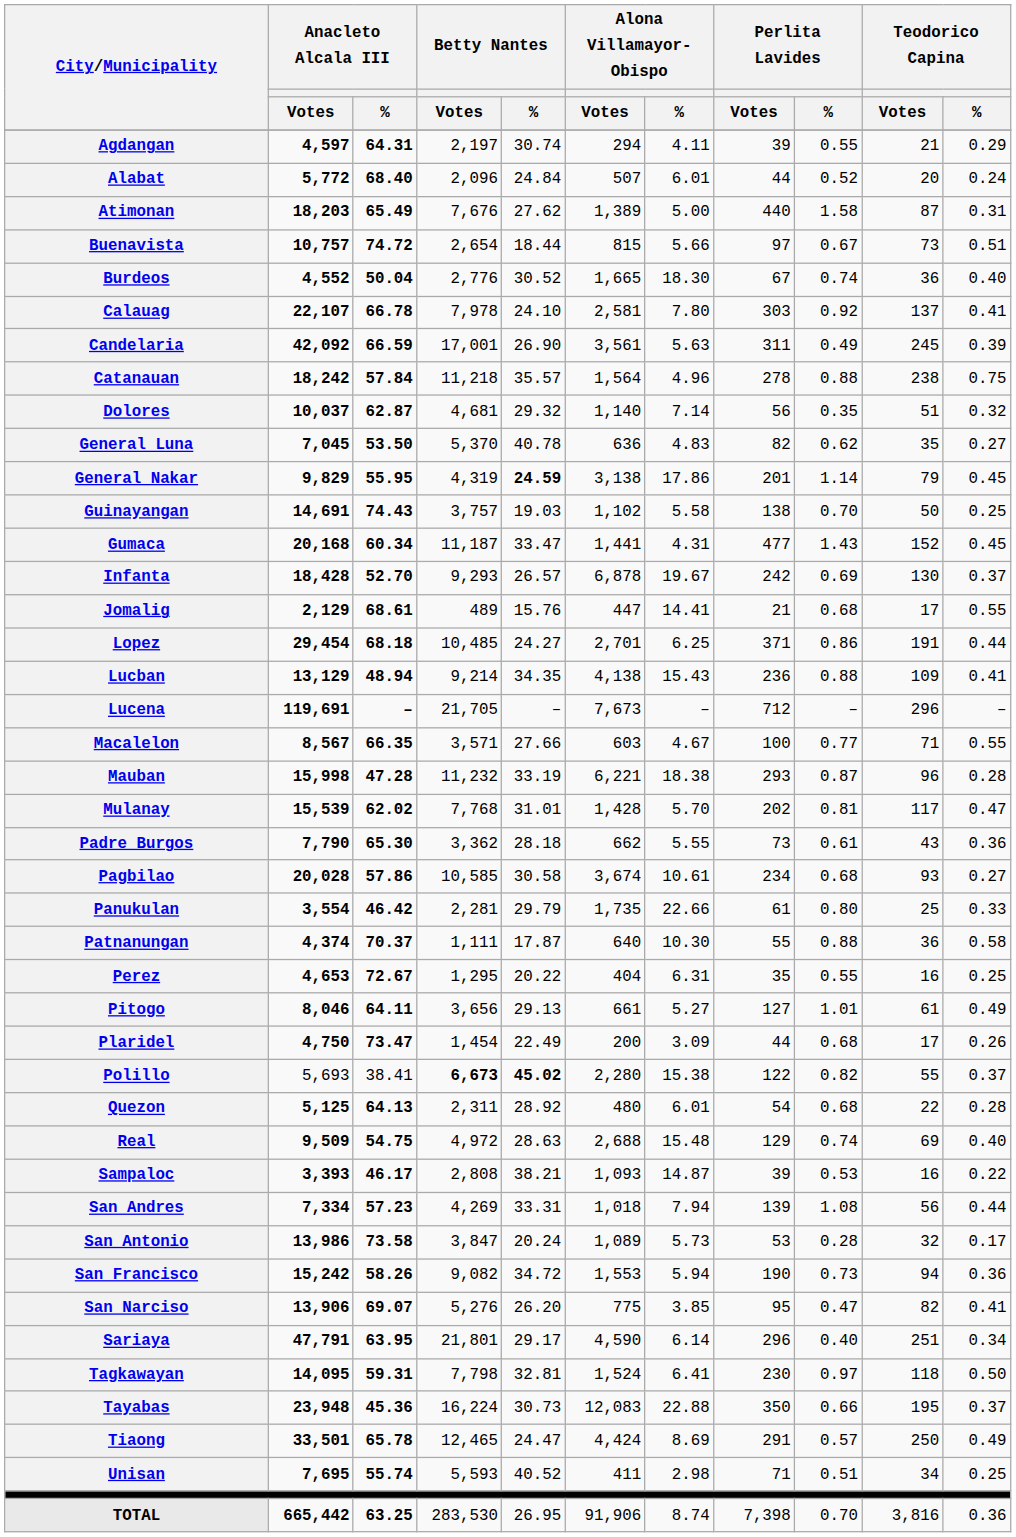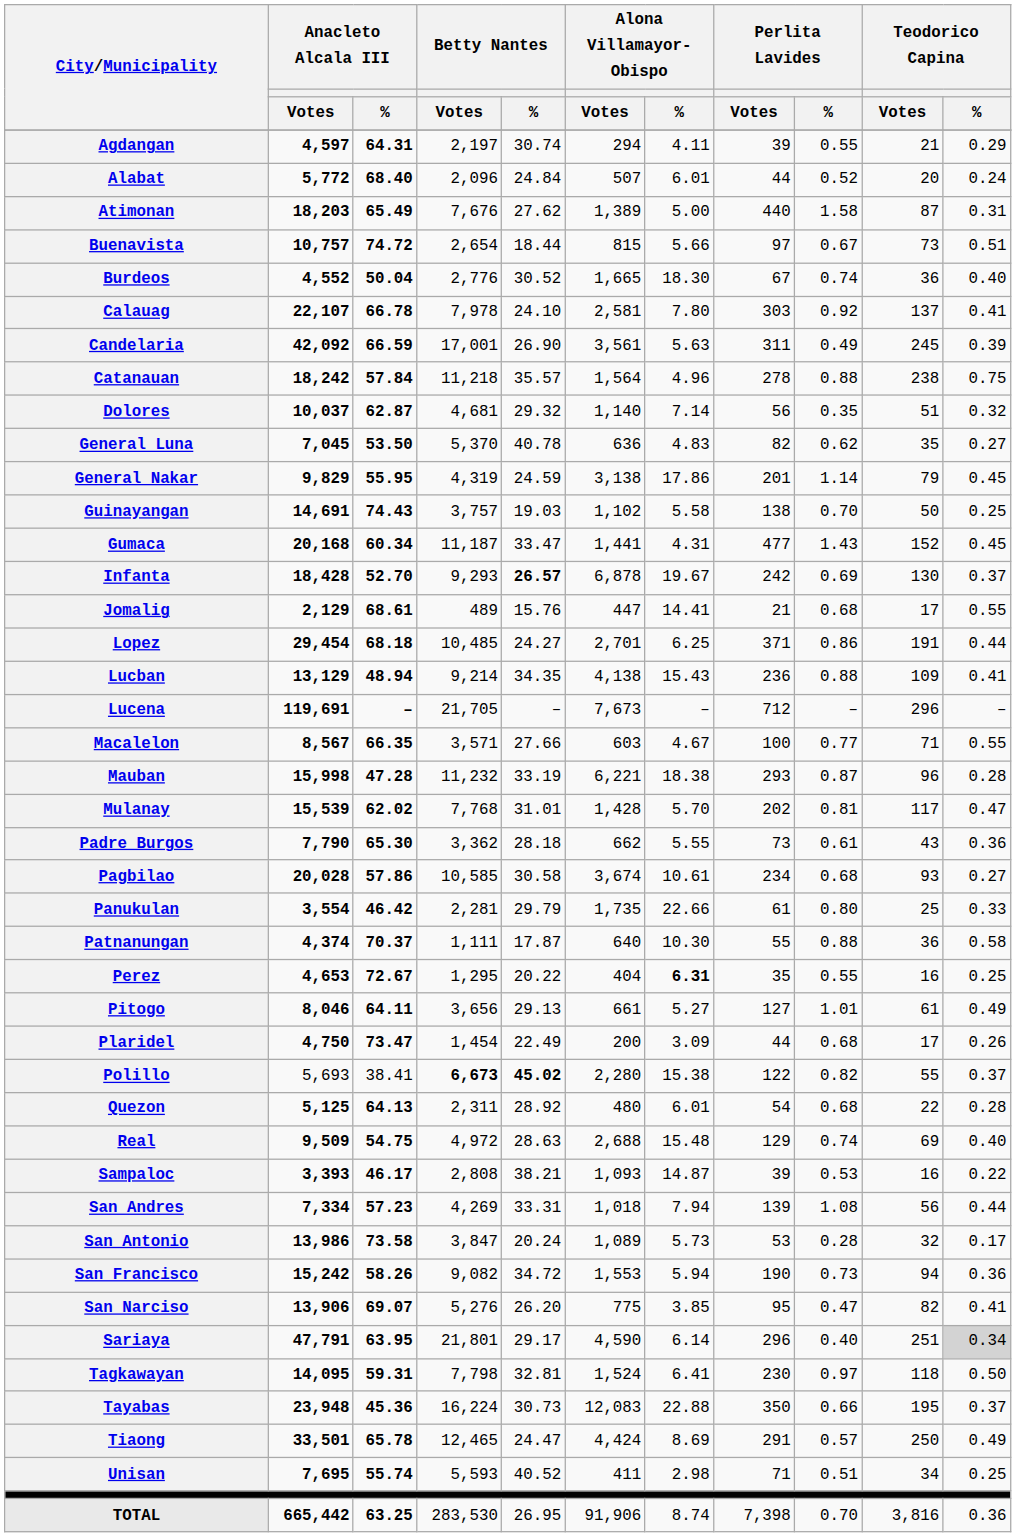 <table class="wikitable collapsible collapsed" style="text-align:right; font-size:95%; line-height:20px;">
 <tr>
 <th rowspan="3" width="200"><a href='#'>City</a>/<a href='#'>Municipality</a></th>
 <th colspan="2" width="110">Anacleto Alcala III</th>
 <th colspan="2" width="110">Betty Nantes</th>
 <th colspan="2" width="110">Alona Villamayor-Obispo</th>
 <th colspan="2" width="110">Perlita Lavides</th>
 <th colspan="2" width="110">Teodorico Capina</th>
 </tr>
 <tr>
 <th colspan="2" style="background:"></th>
 <th colspan="2" style="background:"></th>
 <th colspan="2" style="background:"></th>
 <th colspan="2" style="background:"></th>
 <th colspan="2" style="background:"></th>
 </tr>
 <tr>
 <th>Votes</th>
 <th>%</th>
 <th>Votes</th>
 <th>%</th>
 <th>Votes</th>
 <th>%</th>
 <th>Votes</th>
 <th>%</th>
 <th>Votes</th>
 <th>%</th>
 </tr>
 <tr>
 </tr>
 <tr>
 <th scope="row"><a href='#'>Agdangan</a></th>
 <td style="background:"><strong>4,597</strong></td>
 <td style="background:"><strong>64.31</strong></td>
 <td>2,197</td>
 <td>30.74</td>
 <td>294</td>
 <td>4.11</td>
 <td>39</td>
 <td>0.55</td>
 <td>21</td>
 <td>0.29</td>
 </tr>
 <tr>
 <th scope="row"><a href='#'>Alabat</a></th>
 <td style="background:"><strong>5,772</strong></td>
 <td style="background:"><strong>68.40</strong></td>
 <td>2,096</td>
 <td>24.84</td>
 <td>507</td>
 <td>6.01</td>
 <td>44</td>
 <td>0.52</td>
 <td>20</td>
 <td>0.24</td>
 </tr>
 <tr>
 <th scope="row"><a href='#'>Atimonan</a></th>
 <td style="background:"><strong>18,203</strong></td>
 <td style="background:"><strong>65.49</strong></td>
 <td>7,676</td>
 <td>27.62</td>
 <td>1,389</td>
 <td>5.00</td>
 <td>440</td>
 <td>1.58</td>
 <td>87</td>
 <td>0.31</td>
 </tr>
 <tr>
 <th scope="row"><a href='#'>Buenavista</a></th>
 <td style="background:"><strong>10,757</strong></td>
 <td style="background:"><strong>74.72</strong></td>
 <td>2,654</td>
 <td>18.44</td>
 <td>815</td>
 <td>5.66</td>
 <td>97</td>
 <td>0.67</td>
 <td>73</td>
 <td>0.51</td>
 </tr>
 <tr>
 <th scope="row"><a href='#'>Burdeos</a></th>
 <td style="background:"><strong>4,552</strong></td>
 <td style="background:"><strong>50.04</strong></td>
 <td>2,776</td>
 <td>30.52</td>
 <td>1,665</td>
 <td>18.30</td>
 <td>67</td>
 <td>0.74</td>
 <td>36</td>
 <td>0.40</td>
 </tr>
 <tr>
 <th scope="row"><a href='#'>Calauag</a></th>
 <td style="background:"><strong>22,107</strong></td>
 <td style="background:"><strong>66.78</strong></td>
 <td>7,978</td>
 <td>24.10</td>
 <td>2,581</td>
 <td>7.80</td>
 <td>303</td>
 <td>0.92</td>
 <td>137</td>
 <td>0.41</td>
 </tr>
 <tr>
 <th scope="row"><a href='#'>Candelaria</a></th>
 <td style="background:"><strong>42,092</strong></td>
 <td style="background:"><strong>66.59</strong></td>
 <td>17,001</td>
 <td>26.90</td>
 <td>3,561</td>
 <td>5.63</td>
 <td>311</td>
 <td>0.49</td>
 <td>245</td>
 <td>0.39</td>
 </tr>
 <tr>
 <th scope="row"><a href='#'>Catanauan</a></th>
 <td style="background:"><strong>18,242</strong></td>
 <td style="background:"><strong>57.84</strong></td>
 <td>11,218</td>
 <td>35.57</td>
 <td>1,564</td>
 <td>4.96</td>
 <td>278</td>
 <td>0.88</td>
 <td>238</td>
 <td>0.75</td>
 </tr>
 <tr>
 <th scope="row"><a href='#'>Dolores</a></th>
 <td style="background:"><strong>10,037</strong></td>
 <td style="background:"><strong>62.87</strong></td>
 <td>4,681</td>
 <td>29.32</td>
 <td>1,140</td>
 <td>7.14</td>
 <td>56</td>
 <td>0.35</td>
 <td>51</td>
 <td>0.32</td>
 </tr>
 <tr>
 <th scope="row"><a href='#'>General Luna</a></th>
 <td style="background:"><strong>7,045</strong></td>
 <td style="background:"><strong>53.50</strong></td>
 <td>5,370</td>
 <td>40.78</td>
 <td>636</td>
 <td>4.83</td>
 <td>82</td>
 <td>0.62</td>
 <td>35</td>
 <td>0.27</td>
 </tr>
 <tr>
 <th scope="row"><a href='#'>General Nakar</a></th>
 <td style="background:"><strong>9,829</strong></td>
 <td style="background:"><strong>55.95</strong></td>
 <td>4,319</td>
-<td><strong>24.59</strong></td>
+<td>24.59</td>
 <td>3,138</td>
 <td>17.86</td>
 <td>201</td>
 <td>1.14</td>
 <td>79</td>
 <td>0.45</td>
 </tr>
 <tr>
 <th scope="row"><a href='#'>Guinayangan</a></th>
 <td style="background:"><strong>14,691</strong></td>
 <td style="background:"><strong>74.43</strong></td>
 <td>3,757</td>
 <td>19.03</td>
 <td>1,102</td>
 <td>5.58</td>
 <td>138</td>
 <td>0.70</td>
 <td>50</td>
 <td>0.25</td>
 </tr>
 <tr>
 <th scope="row"><a href='#'>Gumaca</a></th>
 <td style="background:"><strong>20,168</strong></td>
 <td style="background:"><strong>60.34</strong></td>
 <td>11,187</td>
 <td>33.47</td>
 <td>1,441</td>
 <td>4.31</td>
 <td>477</td>
 <td>1.43</td>
 <td>152</td>
 <td>0.45</td>
 </tr>
 <tr>
 <th scope="row"><a href='#'>Infanta</a></th>
 <td style="background:"><strong>18,428</strong></td>
 <td style="background:"><strong>52.70</strong></td>
 <td>9,293</td>
-<td>26.57</td>
+<td><strong>26.57</strong></td>
 <td>6,878</td>
 <td>19.67</td>
 <td>242</td>
 <td>0.69</td>
 <td>130</td>
 <td>0.37</td>
 </tr>
 <tr>
 <th scope="row"><a href='#'>Jomalig</a></th>
 <td style="background:"><strong>2,129</strong></td>
 <td style="background:"><strong>68.61</strong></td>
 <td>489</td>
 <td>15.76</td>
 <td>447</td>
 <td>14.41</td>
 <td>21</td>
 <td>0.68</td>
 <td>17</td>
 <td>0.55</td>
 </tr>
 <tr>
 <th scope="row"><a href='#'>Lopez</a></th>
 <td style="background:"><strong>29,454</strong></td>
 <td style="background:"><strong>68.18</strong></td>
 <td>10,485</td>
 <td>24.27</td>
 <td>2,701</td>
 <td>6.25</td>
 <td>371</td>
 <td>0.86</td>
 <td>191</td>
 <td>0.44</td>
 </tr>
 <tr>
 <th scope="row"><a href='#'>Lucban</a></th>
 <td style="background:"><strong>13,129</strong></td>
 <td style="background:"><strong>48.94</strong></td>
 <td>9,214</td>
 <td>34.35</td>
 <td>4,138</td>
 <td>15.43</td>
 <td>236</td>
 <td>0.88</td>
 <td>109</td>
 <td>0.41</td>
 </tr>
 <tr>
 <th scope="row"><a href='#'>Lucena</a></th>
 <td style="background:"><strong>119,691</strong></td>
 <td style="background:"><strong>–</strong></td>
 <td>21,705</td>
 <td>–</td>
 <td>7,673</td>
 <td>–</td>
 <td>712</td>
 <td>–</td>
 <td>296</td>
 <td>–</td>
 </tr>
 <tr>
 <th scope="row"><a href='#'>Macalelon</a></th>
 <td style="background:"><strong>8,567</strong></td>
 <td style="background:"><strong>66.35</strong></td>
 <td>3,571</td>
 <td>27.66</td>
 <td>603</td>
 <td>4.67</td>
 <td>100</td>
 <td>0.77</td>
 <td>71</td>
 <td>0.55</td>
 </tr>
 <tr>
 <th scope="row"><a href='#'>Mauban</a></th>
 <td style="background:"><strong>15,998</strong></td>
 <td style="background:"><strong>47.28</strong></td>
 <td>11,232</td>
 <td>33.19</td>
 <td>6,221</td>
 <td>18.38</td>
 <td>293</td>
 <td>0.87</td>
 <td>96</td>
 <td>0.28</td>
 </tr>
 <tr>
 <th scope="row"><a href='#'>Mulanay</a></th>
 <td style="background:"><strong>15,539</strong></td>
 <td style="background:"><strong>62.02</strong></td>
 <td>7,768</td>
 <td>31.01</td>
 <td>1,428</td>
 <td>5.70</td>
 <td>202</td>
 <td>0.81</td>
 <td>117</td>
 <td>0.47</td>
 </tr>
 <tr>
 <th scope="row"><a href='#'>Padre Burgos</a></th>
 <td style="background:"><strong>7,790</strong></td>
 <td style="background:"><strong>65.30</strong></td>
 <td>3,362</td>
 <td>28.18</td>
 <td>662</td>
 <td>5.55</td>
 <td>73</td>
 <td>0.61</td>
 <td>43</td>
 <td>0.36</td>
 </tr>
 <tr>
 <th scope="row"><a href='#'>Pagbilao</a></th>
 <td style="background:"><strong>20,028</strong></td>
 <td style="background:"><strong>57.86</strong></td>
 <td>10,585</td>
 <td>30.58</td>
 <td>3,674</td>
 <td>10.61</td>
 <td>234</td>
 <td>0.68</td>
 <td>93</td>
 <td>0.27</td>
 </tr>
 <tr>
 <th scope="row"><a href='#'>Panukulan</a></th>
 <td style="background:"><strong>3,554</strong></td>
 <td style="background:"><strong>46.42</strong></td>
 <td>2,281</td>
 <td>29.79</td>
 <td>1,735</td>
 <td>22.66</td>
 <td>61</td>
 <td>0.80</td>
 <td>25</td>
 <td>0.33</td>
 </tr>
 <tr>
 <th scope="row"><a href='#'>Patnanungan</a></th>
 <td style="background:"><strong>4,374</strong></td>
 <td style="background:"><strong>70.37</strong></td>
 <td>1,111</td>
 <td>17.87</td>
 <td>640</td>
 <td>10.30</td>
 <td>55</td>
 <td>0.88</td>
 <td>36</td>
 <td>0.58</td>
 </tr>
 <tr>
 <th scope="row"><a href='#'>Perez</a></th>
 <td style="background:"><strong>4,653</strong></td>
 <td style="background:"><strong>72.67</strong></td>
 <td>1,295</td>
 <td>20.22</td>
 <td>404</td>
-<td>6.31</td>
+<td><strong>6.31</strong></td>
 <td>35</td>
 <td>0.55</td>
 <td>16</td>
 <td>0.25</td>
 </tr>
 <tr>
 <th scope="row"><a href='#'>Pitogo</a></th>
 <td style="background:"><strong>8,046</strong></td>
 <td style="background:"><strong>64.11</strong></td>
 <td>3,656</td>
 <td>29.13</td>
 <td>661</td>
 <td>5.27</td>
 <td>127</td>
 <td>1.01</td>
 <td>61</td>
 <td>0.49</td>
 </tr>
 <tr>
 <th scope="row"><a href='#'>Plaridel</a></th>
 <td style="background:"><strong>4,750</strong></td>
 <td style="background:"><strong>73.47</strong></td>
 <td>1,454</td>
 <td>22.49</td>
 <td>200</td>
 <td>3.09</td>
 <td>44</td>
 <td>0.68</td>
 <td>17</td>
 <td>0.26</td>
 </tr>
 <tr>
 <th scope="row"><a href='#'>Polillo</a></th>
 <td>5,693</td>
 <td>38.41</td>
 <td style="background:"><strong>6,673</strong></td>
 <td style="background:"><strong>45.02</strong></td>
 <td>2,280</td>
 <td>15.38</td>
 <td>122</td>
 <td>0.82</td>
 <td>55</td>
 <td>0.37</td>
 </tr>
 <tr>
 <th scope="row"><a href='#'>Quezon</a></th>
 <td style="background:"><strong>5,125</strong></td>
 <td style="background:"><strong>64.13</strong></td>
 <td>2,311</td>
 <td>28.92</td>
 <td>480</td>
 <td>6.01</td>
 <td>54</td>
 <td>0.68</td>
 <td>22</td>
 <td>0.28</td>
 </tr>
 <tr>
 <th scope="row"><a href='#'>Real</a></th>
 <td style="background:"><strong>9,509</strong></td>
 <td style="background:"><strong>54.75</strong></td>
 <td>4,972</td>
 <td>28.63</td>
 <td>2,688</td>
 <td>15.48</td>
 <td>129</td>
 <td>0.74</td>
 <td>69</td>
 <td>0.40</td>
 </tr>
 <tr>
 <th scope="row"><a href='#'>Sampaloc</a></th>
 <td style="background:"><strong>3,393</strong></td>
 <td style="background:"><strong>46.17</strong></td>
 <td>2,808</td>
 <td>38.21</td>
 <td>1,093</td>
 <td>14.87</td>
 <td>39</td>
 <td>0.53</td>
 <td>16</td>
 <td>0.22</td>
 </tr>
 <tr>
 <th scope="row"><a href='#'>San Andres</a></th>
 <td style="background:"><strong>7,334</strong></td>
 <td style="background:"><strong>57.23</strong></td>
 <td>4,269</td>
 <td>33.31</td>
 <td>1,018</td>
 <td>7.94</td>
 <td>139</td>
 <td>1.08</td>
 <td>56</td>
 <td>0.44</td>
 </tr>
 <tr>
 <th scope="row"><a href='#'>San Antonio</a></th>
 <td style="background:"><strong>13,986</strong></td>
 <td style="background:"><strong>73.58</strong></td>
 <td>3,847</td>
 <td>20.24</td>
 <td>1,089</td>
 <td>5.73</td>
 <td>53</td>
 <td>0.28</td>
 <td>32</td>
 <td>0.17</td>
 </tr>
 <tr>
 <th scope="row"><a href='#'>San Francisco</a></th>
 <td style="background:"><strong>15,242</strong></td>
 <td style="background:"><strong>58.26</strong></td>
 <td>9,082</td>
 <td>34.72</td>
 <td>1,553</td>
 <td>5.94</td>
 <td>190</td>
 <td>0.73</td>
 <td>94</td>
 <td>0.36</td>
 </tr>
 <tr>
 <th scope="row"><a href='#'>San Narciso</a></th>
 <td style="background:"><strong>13,906</strong></td>
 <td style="background:"><strong>69.07</strong></td>
 <td>5,276</td>
 <td>26.20</td>
 <td>775</td>
 <td>3.85</td>
 <td>95</td>
 <td>0.47</td>
 <td>82</td>
 <td>0.41</td>
 </tr>
 <tr>
 <th scope="row"><a href='#'>Sariaya</a></th>
 <td style="background:"><strong>47,791</strong></td>
 <td style="background:"><strong>63.95</strong></td>
 <td>21,801</td>
 <td>29.17</td>
 <td>4,590</td>
 <td>6.14</td>
 <td>296</td>
 <td>0.40</td>
 <td>251</td>
-<td>0.34</td>
+<td style="background: lightgrey;">0.34</td>
 </tr>
 <tr>
 <th scope="row"><a href='#'>Tagkawayan</a></th>
 <td style="background:"><strong>14,095</strong></td>
 <td style="background:"><strong>59.31</strong></td>
 <td>7,798</td>
 <td>32.81</td>
 <td>1,524</td>
 <td>6.41</td>
 <td>230</td>
 <td>0.97</td>
 <td>118</td>
 <td>0.50</td>
 </tr>
 <tr>
 <th scope="row"><a href='#'>Tayabas</a></th>
 <td style="background:"><strong>23,948</strong></td>
 <td style="background:"><strong>45.36</strong></td>
 <td>16,224</td>
 <td>30.73</td>
 <td>12,083</td>
 <td>22.88</td>
 <td>350</td>
 <td>0.66</td>
 <td>195</td>
 <td>0.37</td>
 </tr>
 <tr>
 <th scope="row"><a href='#'>Tiaong</a></th>
 <td style="background:"><strong>33,501</strong></td>
 <td style="background:"><strong>65.78</strong></td>
 <td>12,465</td>
 <td>24.47</td>
 <td>4,424</td>
 <td>8.69</td>
 <td>291</td>
 <td>0.57</td>
 <td>250</td>
 <td>0.49</td>
 </tr>
 <tr>
 <th scope="row"><a href='#'>Unisan</a></th>
 <td style="background:"><strong>7,695</strong></td>
 <td style="background:"><strong>55.74</strong></td>
 <td>5,593</td>
 <td>40.52</td>
 <td>411</td>
 <td>2.98</td>
 <td>71</td>
 <td>0.51</td>
 <td>34</td>
 <td>0.25</td>
 </tr>
 <tr>
 <td colspan=11 bgcolor=black></td>
 </tr>
 <tr>
 <td style="background:#E9E9E9;" align="center"><strong>TOTAL</strong></td>
 <td style="background:"><strong>665,442</strong></td>
 <td style="background:"><strong>63.25</strong></td>
 <td>283,530</td>
 <td>26.95</td>
 <td>91,906</td>
 <td>8.74</td>
 <td>7,398</td>
 <td>0.70</td>
 <td>3,816</td>
 <td>0.36</td>
 </tr>
 </table>
